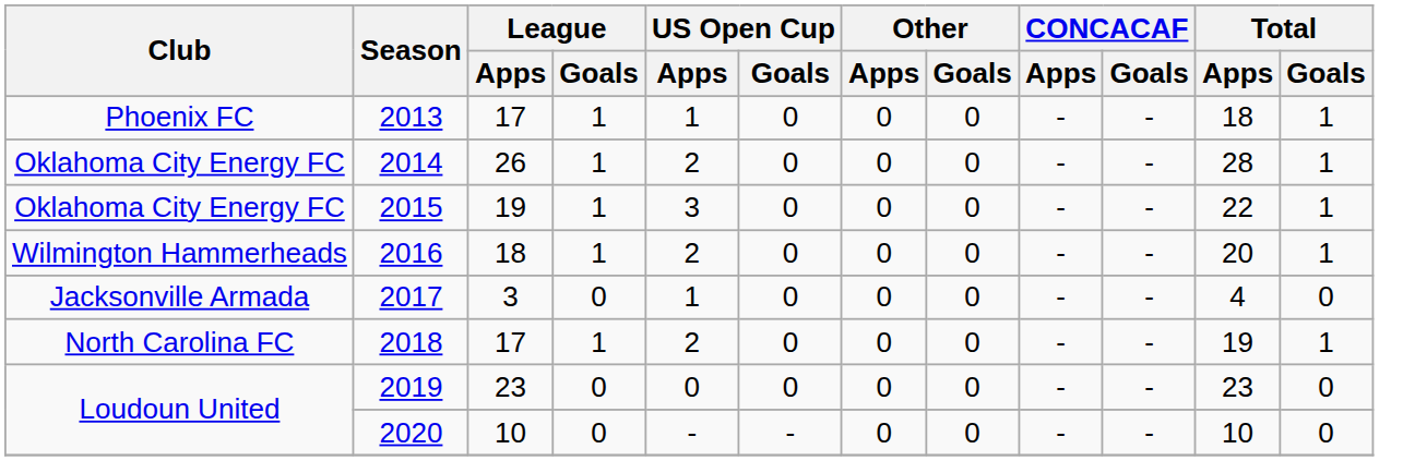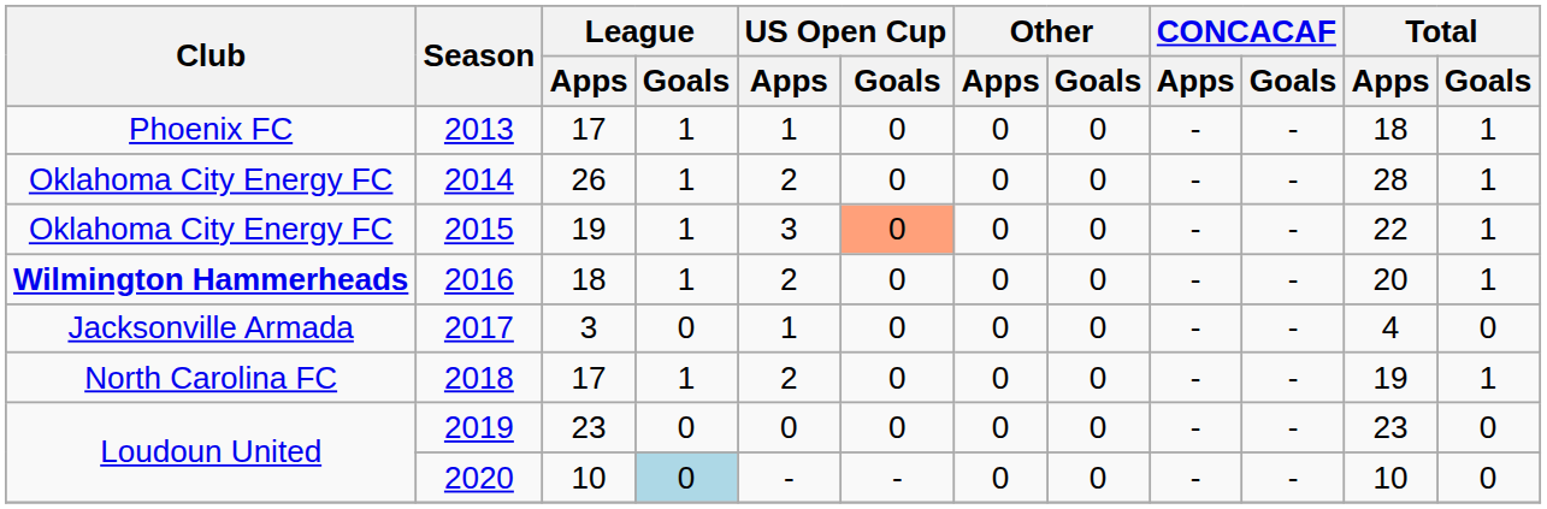 <table class="wikitable" style="font-size:90%; text-align:center;">
 <tr>
 <th rowspan="2">Club</th>
 <th rowspan="2">Season</th>
 <th colspan="2">League</th>
 <th colspan="2">US Open Cup</th>
 <th colspan="2">Other</th>
 <th colspan="2"><a href='#'>CONCACAF</a></th>
 <th colspan="2">Total</th>
 </tr>
 <tr>
 <th>Apps</th>
 <th>Goals</th>
 <th>Apps</th>
 <th>Goals</th>
 <th>Apps</th>
 <th>Goals</th>
 <th>Apps</th>
 <th>Goals</th>
 <th>Apps</th>
 <th>Goals</th>
 </tr>
 <tr>
 <td rowspan="1"><a href='#'>Phoenix FC</a></td>
 <td><a href='#'>2013</a></td>
 <td>17</td>
 <td>1</td>
 <td>1</td>
 <td>0</td>
 <td>0</td>
 <td>0</td>
 <td>-</td>
 <td>-</td>
 <td>18</td>
 <td>1</td>
 </tr>
 <tr>
 <td rowspan="1"><a href='#'>Oklahoma City Energy FC</a></td>
 <td><a href='#'>2014</a></td>
 <td>26</td>
 <td>1</td>
 <td>2</td>
 <td>0</td>
 <td>0</td>
 <td>0</td>
 <td>-</td>
 <td>-</td>
 <td>28</td>
 <td>1</td>
 </tr>
 <tr>
 <td rowspan="1"><a href='#'>Oklahoma City Energy FC</a></td>
 <td><a href='#'>2015</a></td>
 <td>19</td>
 <td>1</td>
 <td>3</td>
-<td>0</td>
+<td style="background: lightsalmon;">0</td>
 <td>0</td>
 <td>0</td>
 <td>-</td>
 <td>-</td>
 <td>22</td>
 <td>1</td>
 </tr>
 <tr>
-<td rowspan="1"><a href='#'>Wilmington Hammerheads</a></td>
+<td rowspan="1"><strong><a href='#'>Wilmington Hammerheads</a></strong></td>
 <td><a href='#'>2016</a></td>
 <td>18</td>
 <td>1</td>
 <td>2</td>
 <td>0</td>
 <td>0</td>
 <td>0</td>
 <td>-</td>
 <td>-</td>
 <td>20</td>
 <td>1</td>
 </tr>
 <tr>
 <td rowspan="1"><a href='#'>Jacksonville Armada</a></td>
 <td><a href='#'>2017</a></td>
 <td>3</td>
 <td>0</td>
 <td>1</td>
 <td>0</td>
 <td>0</td>
 <td>0</td>
 <td>-</td>
 <td>-</td>
 <td>4</td>
 <td>0</td>
 </tr>
 <tr>
 <td rowspan="1"><a href='#'>North Carolina FC</a></td>
 <td><a href='#'>2018</a></td>
 <td>17</td>
 <td>1</td>
 <td>2</td>
 <td>0</td>
 <td>0</td>
 <td>0</td>
 <td>-</td>
 <td>-</td>
 <td>19</td>
 <td>1</td>
 </tr>
 <tr>
 <td rowspan="2"><a href='#'>Loudoun United</a></td>
 <td><a href='#'>2019</a></td>
 <td>23</td>
 <td>0</td>
 <td>0</td>
 <td>0</td>
 <td>0</td>
 <td>0</td>
 <td>-</td>
 <td>-</td>
 <td>23</td>
 <td>0</td>
 </tr>
 <tr>
 <td><a href='#'>2020</a></td>
 <td>10</td>
-<td>0</td>
+<td style="background: lightblue;">0</td>
 <td>-</td>
 <td>-</td>
 <td>0</td>
 <td>0</td>
 <td>-</td>
 <td>-</td>
 <td>10</td>
 <td>0</td>
 </tr>
 <tr>
 </tr>
 </table>
